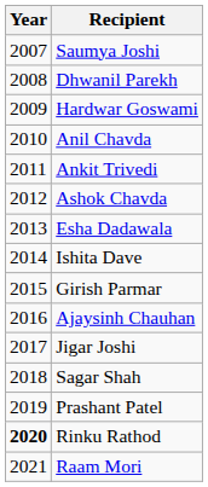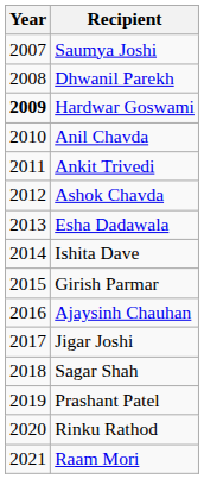 <table class="wikitable">
 <tr>
 <th>Year</th>
 <th>Recipient</th>
 </tr>
 <tr>
 <td>2007</td>
 <td><a href='#'>Saumya Joshi</a></td>
 </tr>
 <tr>
 <td>2008</td>
 <td><a href='#'>Dhwanil Parekh</a></td>
 </tr>
 <tr>
-<td>2009</td>
+<td><strong>2009</strong></td>
 <td><a href='#'>Hardwar Goswami</a></td>
 </tr>
 <tr>
 <td>2010</td>
 <td><a href='#'>Anil Chavda</a></td>
 </tr>
 <tr>
 <td>2011</td>
 <td><a href='#'>Ankit Trivedi</a></td>
 </tr>
 <tr>
 <td>2012</td>
 <td><a href='#'>Ashok Chavda</a></td>
 </tr>
 <tr>
 <td>2013</td>
 <td><a href='#'>Esha Dadawala</a></td>
 </tr>
 <tr>
 <td>2014</td>
 <td>Ishita Dave</td>
 </tr>
 <tr>
 <td>2015</td>
 <td>Girish Parmar</td>
 </tr>
 <tr>
 <td>2016</td>
 <td><a href='#'>Ajaysinh Chauhan</a></td>
 </tr>
 <tr>
 <td>2017</td>
 <td>Jigar Joshi</td>
 </tr>
 <tr>
 <td>2018</td>
 <td>Sagar Shah</td>
 </tr>
 <tr>
 <td>2019</td>
 <td>Prashant Patel</td>
 </tr>
 <tr>
-<td><strong>2020</strong></td>
+<td>2020</td>
 <td>Rinku Rathod</td>
 </tr>
 <tr>
 <td>2021</td>
 <td><a href='#'>Raam Mori</a></td>
 </tr>
 </table>
